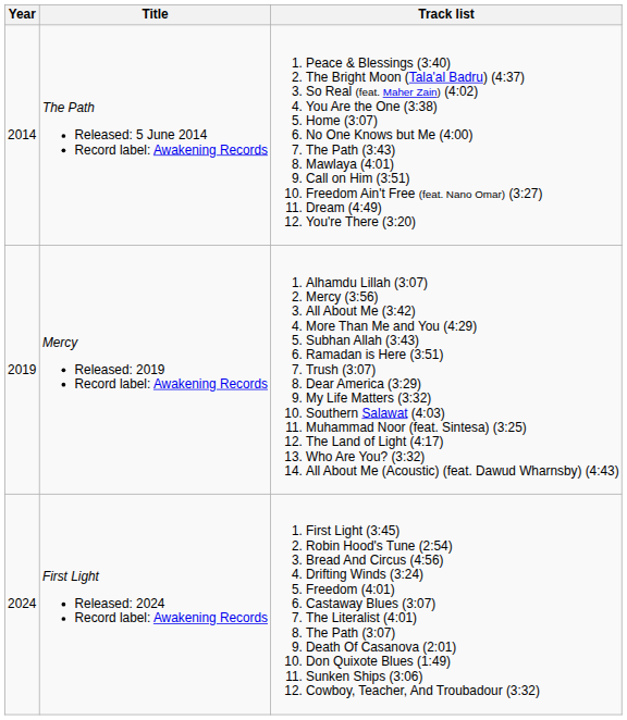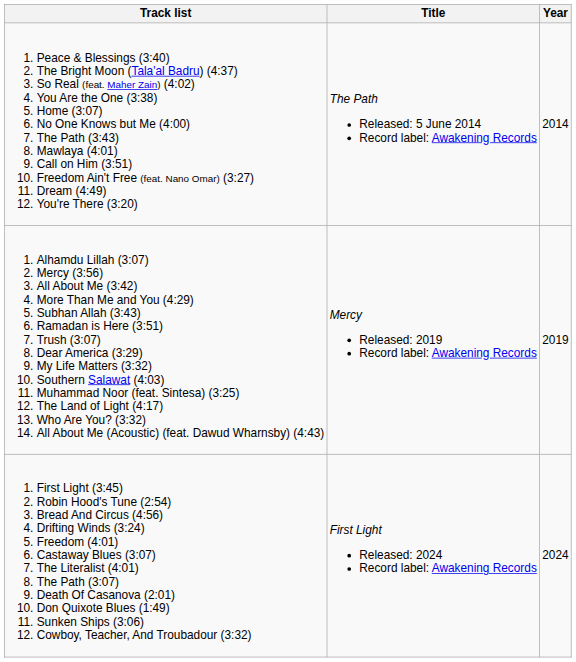 <table class="wikitable">
 <tr>
+<th>Track list</th>
+<th>Title</th>
 <th>Year</th>
-<th>Title</th>
-<th>Track list</th>
 </tr>
 <tr>
+<td><br><ol><li>Peace & Blessings (3:40)</li><li>The Bright Moon (<a href='#'>Tala'al Badru</a>) (4:37)</li><li>So Real <small>(feat. <a href='#'>Maher Zain</a>)</small> (4:02)</li><li>You Are the One (3:38)</li><li>Home (3:07)</li><li>No One Knows but Me (4:00)</li><li>The Path (3:43)</li><li>Mawlaya (4:01)</li><li>Call on Him (3:51)</li><li>Freedom Ain't Free <small>(feat. Nano Omar)</small> (3:27)</li><li>Dream (4:49)</li><li>You're There (3:20)</li></ol></td>
+<td><em>The Path</em><br><ul><li>Released: 5 June 2014</li><li>Record label: <a href='#'>Awakening Records</a></li></ul></td>
 <td>2014</td>
-<td><em>The Path</em><br><ul><li>Released: 5 June 2014</li><li>Record label: <a href='#'>Awakening Records</a></li></ul></td>
-<td><br><ol><li>Peace & Blessings (3:40)</li><li>The Bright Moon (<a href='#'>Tala'al Badru</a>) (4:37)</li><li>So Real <small>(feat. <a href='#'>Maher Zain</a>)</small> (4:02)</li><li>You Are the One (3:38)</li><li>Home (3:07)</li><li>No One Knows but Me (4:00)</li><li>The Path (3:43)</li><li>Mawlaya (4:01)</li><li>Call on Him (3:51)</li><li>Freedom Ain't Free <small>(feat. Nano Omar)</small> (3:27)</li><li>Dream (4:49)</li><li>You're There (3:20)</li></ol></td>
 </tr>
 <tr>
+<td><br><ol><li>Alhamdu Lillah (3:07)</li><li>Mercy (3:56)</li><li>All About Me (3:42)</li><li>More Than Me and You (4:29)</li><li>Subhan Allah (3:43)</li><li>Ramadan is Here (3:51)</li><li>Trush (3:07)</li><li>Dear America (3:29)</li><li>My Life Matters (3:32)</li><li>Southern <a href='#'>Salawat</a> (4:03)</li><li>Muhammad Noor (feat. Sintesa) (3:25)</li><li>The Land of Light (4:17)</li><li>Who Are You? (3:32)</li><li>All About Me (Acoustic) (feat. Dawud Wharnsby) (4:43)</li></ol></td>
+<td><em>Mercy</em><br><ul><li>Released: 2019</li><li>Record label: <a href='#'>Awakening Records</a></li></ul></td>
 <td>2019</td>
-<td><em>Mercy</em><br><ul><li>Released: 2019</li><li>Record label: <a href='#'>Awakening Records</a></li></ul></td>
-<td><br><ol><li>Alhamdu Lillah (3:07)</li><li>Mercy (3:56)</li><li>All About Me (3:42)</li><li>More Than Me and You (4:29)</li><li>Subhan Allah (3:43)</li><li>Ramadan is Here (3:51)</li><li>Trush (3:07)</li><li>Dear America (3:29)</li><li>My Life Matters (3:32)</li><li>Southern <a href='#'>Salawat</a> (4:03)</li><li>Muhammad Noor (feat. Sintesa) (3:25)</li><li>The Land of Light (4:17)</li><li>Who Are You? (3:32)</li><li>All About Me (Acoustic) (feat. Dawud Wharnsby) (4:43)</li></ol></td>
 </tr>
 <tr>
+<td><br><ol><li>First Light (3:45)</li><li>Robin Hood's Tune (2:54)</li><li>Bread And Circus (4:56)</li><li>Drifting Winds (3:24)</li><li>Freedom (4:01)</li><li>Castaway Blues (3:07)</li><li>The Literalist (4:01)</li><li>The Path (3:07)</li><li>Death Of Casanova (2:01)</li><li>Don Quixote Blues (1:49)</li><li>Sunken Ships (3:06)</li><li>Cowboy, Teacher, And Troubadour (3:32)</li></ol></td>
+<td><em>First Light</em><br><ul><li>Released: 2024</li><li>Record label: <a href='#'>Awakening Records</a></li></ul></td>
 <td>2024</td>
-<td><em>First Light</em><br><ul><li>Released: 2024</li><li>Record label: <a href='#'>Awakening Records</a></li></ul></td>
-<td><br><ol><li>First Light (3:45)</li><li>Robin Hood's Tune (2:54)</li><li>Bread And Circus (4:56)</li><li>Drifting Winds (3:24)</li><li>Freedom (4:01)</li><li>Castaway Blues (3:07)</li><li>The Literalist (4:01)</li><li>The Path (3:07)</li><li>Death Of Casanova (2:01)</li><li>Don Quixote Blues (1:49)</li><li>Sunken Ships (3:06)</li><li>Cowboy, Teacher, And Troubadour (3:32)</li></ol></td>
 </tr>
 </table>
